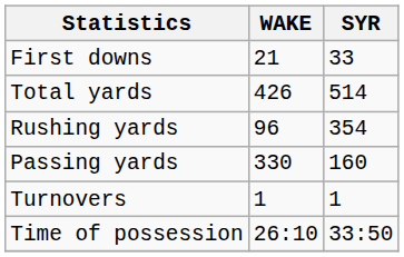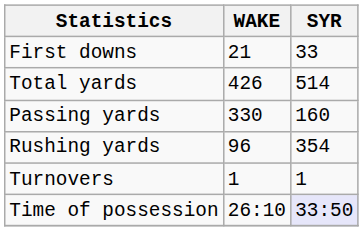 <table class="wikitable" style="float: left;">
 <tr>
 <th>Statistics</th>
 <th>WAKE</th>
 <th>SYR</th>
 </tr>
 <tr>
 <td>First downs</td>
 <td>21</td>
 <td>33</td>
 </tr>
 <tr>
 <td>Total yards</td>
 <td>426</td>
 <td>514</td>
 </tr>
 <tr>
+<td>Passing yards</td>
+<td>330</td>
+<td>160</td>
+</tr>
+<tr>
 <td>Rushing yards</td>
 <td>96</td>
 <td>354</td>
-</tr>
-<tr>
-<td>Passing yards</td>
-<td>330</td>
-<td>160</td>
 </tr>
 <tr>
 <td>Turnovers</td>
 <td>1</td>
 <td>1</td>
 </tr>
 <tr>
 <td>Time of possession</td>
 <td>26:10</td>
-<td>33:50</td>
+<td style="background: lavender;">33:50</td>
 </tr>
 <tr>
 </tr>
 </table>
